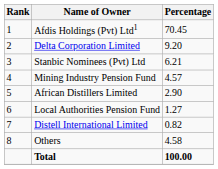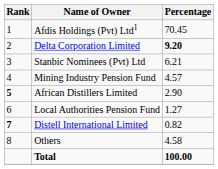 <table class="wikitable sortable" style="margin-left:auto;margin-right:auto">
 <tr>
 <th style="width:2em;">Rank</th>
 <th>Name of Owner</th>
 <th>Percentage</th>
 </tr>
 <tr>
 <td>1</td>
 <td>Afdis Holdings (Pvt) Ltd<sup>1</sup></td>
 <td>70.45</td>
 </tr>
 <tr>
 <td>2</td>
 <td><a href='#'>Delta Corporation Limited</a></td>
-<td>9.20</td>
+<td><strong>9.20</strong></td>
 </tr>
 <tr>
 <td>3</td>
 <td>Stanbic Nominees (Pvt) Ltd</td>
 <td>6.21</td>
 </tr>
 <tr>
 <td>4</td>
 <td>Mining Industry Pension Fund</td>
 <td>4.57</td>
 </tr>
 <tr>
-<td>5</td>
+<td><strong>5</strong></td>
 <td>African Distillers Limited</td>
 <td>2.90</td>
 </tr>
 <tr>
 <td>6</td>
 <td>Local Authorities Pension Fund</td>
 <td>1.27</td>
 </tr>
 <tr>
-<td>7</td>
+<td><strong>7</strong></td>
 <td><a href='#'>Distell International Limited</a></td>
 <td>0.82</td>
 </tr>
 <tr>
 <td>8</td>
 <td>Others</td>
 <td>4.58</td>
 </tr>
 <tr>
 <td></td>
 <td><strong>Total</strong></td>
 <td><strong>100.00</strong></td>
 </tr>
 <tr>
 </tr>
 </table>
